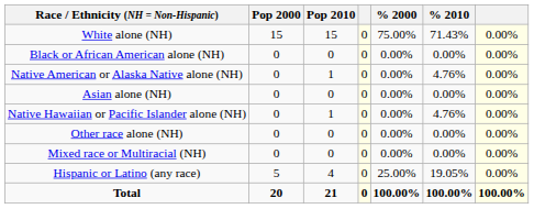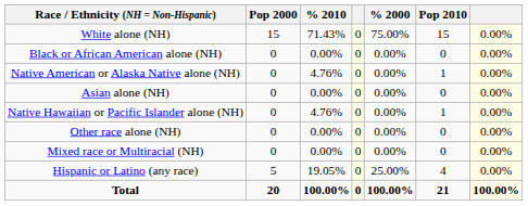 <table class="wikitable" style="text-align:center;">
 <tr>
 <th>Race / Ethnicity <small>(<em>NH = Non-Hispanic</em>)</small></th>
 <th>Pop 2000</th>
-<th>Pop 2010</th>
+<th>% 2010</th>
 <th></th>
 <th>% 2000</th>
-<th>% 2010</th>
+<th>Pop 2010</th>
 <th></th>
 </tr>
 <tr>
 <td><a href='#'>White</a> alone (NH)</td>
 <td>15</td>
-<td>15</td>
+<td>71.43%</td>
 <td style='background: #ffffe6;'>0</td>
 <td>75.00%</td>
-<td>71.43%</td>
+<td>15</td>
 <td style='background: #ffffe6;'>0.00%</td>
 </tr>
 <tr>
 <td><a href='#'>Black or African American</a> alone (NH)</td>
 <td>0</td>
-<td>0</td>
+<td>0.00%</td>
 <td style='background: #ffffe6;'>0</td>
 <td>0.00%</td>
-<td>0.00%</td>
+<td>0</td>
 <td style='background: #ffffe6;'>0.00%</td>
 </tr>
 <tr>
 <td><a href='#'>Native American</a> or <a href='#'>Alaska Native</a> alone (NH)</td>
 <td>0</td>
-<td>1</td>
+<td>4.76%</td>
 <td style='background: #ffffe6;'>0</td>
 <td>0.00%</td>
-<td>4.76%</td>
+<td>1</td>
 <td style='background: #ffffe6;'>0.00%</td>
 </tr>
 <tr>
 <td><a href='#'>Asian</a> alone (NH)</td>
 <td>0</td>
-<td>0</td>
+<td>0.00%</td>
 <td style='background: #ffffe6;'>0</td>
 <td>0.00%</td>
-<td>0.00%</td>
+<td>0</td>
 <td style='background: #ffffe6;'>0.00%</td>
 </tr>
 <tr>
 <td><a href='#'>Native Hawaiian</a> or <a href='#'>Pacific Islander</a> alone (NH)</td>
 <td>0</td>
-<td>1</td>
+<td>4.76%</td>
 <td style='background: #ffffe6;'>0</td>
 <td>0.00%</td>
-<td>4.76%</td>
+<td>1</td>
 <td style='background: #ffffe6;'>0.00%</td>
 </tr>
 <tr>
 <td><a href='#'>Other race</a> alone (NH)</td>
 <td>0</td>
-<td>0</td>
+<td>0.00%</td>
 <td style='background: #ffffe6;'>0</td>
 <td>0.00%</td>
-<td>0.00%</td>
+<td>0</td>
 <td style='background: #ffffe6;'>0.00%</td>
 </tr>
 <tr>
 <td><a href='#'>Mixed race or Multiracial</a> (NH)</td>
 <td>0</td>
-<td>0</td>
+<td>0.00%</td>
 <td style='background: #ffffe6;'>0</td>
 <td>0.00%</td>
-<td>0.00%</td>
+<td>0</td>
 <td style='background: #ffffe6;'>0.00%</td>
 </tr>
 <tr>
 <td><a href='#'>Hispanic or Latino</a> (any race)</td>
 <td>5</td>
-<td>4</td>
+<td>19.05%</td>
 <td style='background: #ffffe6;'>0</td>
 <td>25.00%</td>
-<td>19.05%</td>
+<td>4</td>
 <td style='background: #ffffe6;'>0.00%</td>
 </tr>
 <tr>
 <td><strong>Total</strong></td>
 <td><strong>20</strong></td>
-<td><strong>21</strong></td>
+<td><strong>100.00%</strong></td>
 <td style='background: #ffffe6;'><strong>0</strong></td>
 <td><strong>100.00%</strong></td>
-<td><strong>100.00%</strong></td>
+<td><strong>21</strong></td>
 <td style='background: #ffffe6;'><strong>100.00%</strong></td>
 </tr>
 </table>
